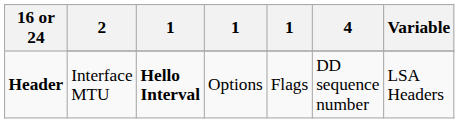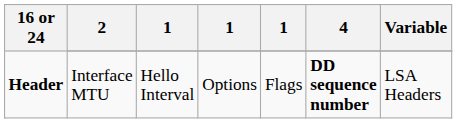 <table class="wikitable  floatright mw-collapsible mw-collapsed" style="width: 400px;">
 <tr>
 <th>16 or 24</th>
 <th>2</th>
 <th>1</th>
 <th>1</th>
 <th>1</th>
 <th>4</th>
 <th>Variable</th>
 </tr>
 <tr>
 <td rowspan="2" colspan="1"><strong>Header</strong></td>
 </tr>
 <tr>
 <td>Interface MTU</td>
-<td><strong>Hello Interval</strong></td>
+<td>Hello Interval</td>
 <td>Options</td>
 <td>Flags</td>
-<td>DD sequence number</td>
+<td><strong>DD sequence number</strong></td>
 <td>LSA Headers</td>
 </tr>
 </table>
